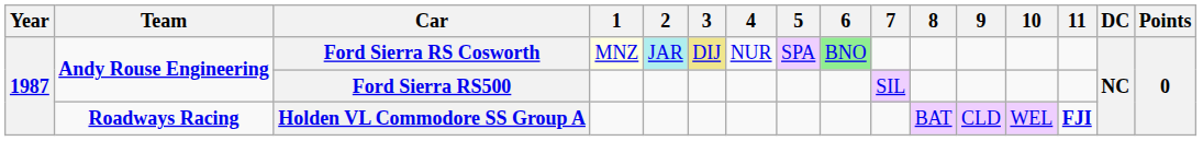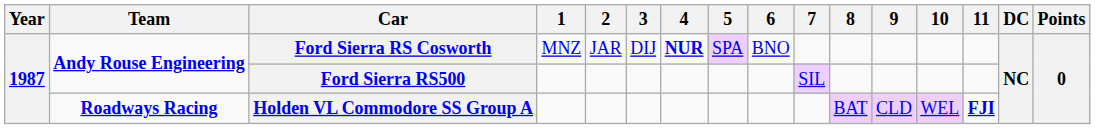 <table class="wikitable" style="text-align:center; font-size:85%">
 <tr>
 <th>Year</th>
 <th>Team</th>
 <th>Car</th>
 <th>1</th>
 <th>2</th>
 <th>3</th>
 <th>4</th>
 <th>5</th>
 <th>6</th>
 <th>7</th>
 <th>8</th>
 <th>9</th>
 <th>10</th>
 <th>11</th>
 <th>DC</th>
 <th>Points</th>
 </tr>
 <tr>
 <th rowspan=3><a href='#'>1987</a></th>
 <td rowspan=2 nowrap> <a href='#'><strong>Andy Rouse Engineering</strong></a></td>
 <th nowrap><a href='#'>Ford Sierra RS Cosworth</a></th>
-<td style="background: lightyellow;"><a href='#'>MNZ</a></td>
-<td style="background: paleturquoise;"><a href='#'>JAR</a></td>
-<td style="background: khaki;"><a href='#'>DIJ</a></td>
-<td><a href='#'>NUR</a></td>
+<td><a href='#'>MNZ</a></td>
+<td><a href='#'>JAR</a></td>
+<td><a href='#'>DIJ</a></td>
+<td><strong><a href='#'>NUR</a></strong></td>
 <td style="background:#efcfff;"><a href='#'>SPA</a><br></td>
-<td style="background: lightgreen;"><a href='#'>BNO</a></td>
+<td><a href='#'>BNO</a></td>
 <td></td>
 <td></td>
 <td></td>
 <td></td>
 <td></td>
 <th rowspan=3>NC</th>
 <th rowspan=3>0</th>
 </tr>
 <tr>
 <th nowrap><a href='#'>Ford Sierra RS500</a></th>
 <td></td>
 <td></td>
 <td></td>
 <td></td>
 <td></td>
 <td></td>
 <td style="background:#efcfff;"><a href='#'>SIL</a><br></td>
 <td></td>
 <td></td>
 <td></td>
 <td></td>
 </tr>
 <tr>
 <td nowrap> <strong><a href='#'>Roadways Racing</a></strong></td>
 <th nowrap><a href='#'>Holden VL Commodore SS Group A</a></th>
 <td></td>
 <td></td>
 <td></td>
 <td></td>
 <td></td>
 <td></td>
 <td></td>
 <td style="background:#EFCFFF;"><a href='#'>BAT</a><br></td>
 <td style="background:#EFCFFF;"><a href='#'>CLD</a><br></td>
 <td style="background:#EFCFFF;"><a href='#'>WEL</a><br></td>
 <td><strong><a href='#'>FJI</a></strong></td>
 </tr>
 </table>
